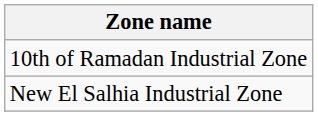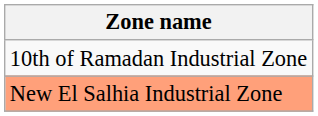 <table class="wikitable">
 <tr>
 <th>Zone name</th>
 </tr>
 <tr>
 <td rowspan="1">10th of Ramadan Industrial Zone</td>
 </tr>
 <tr>
-<td rowspan="1">New El Salhia Industrial Zone</td>
+<td rowspan="1" style="background: lightsalmon;">New El Salhia Industrial Zone</td>
 </tr>
 </table>
